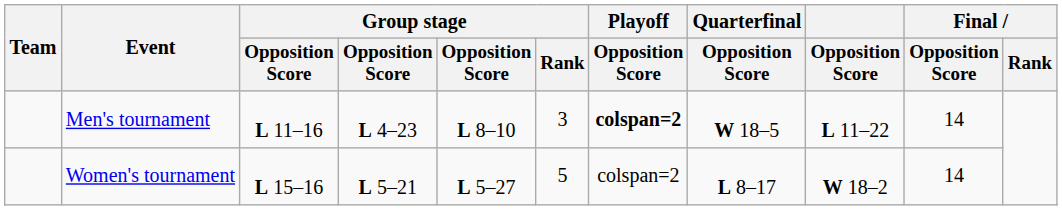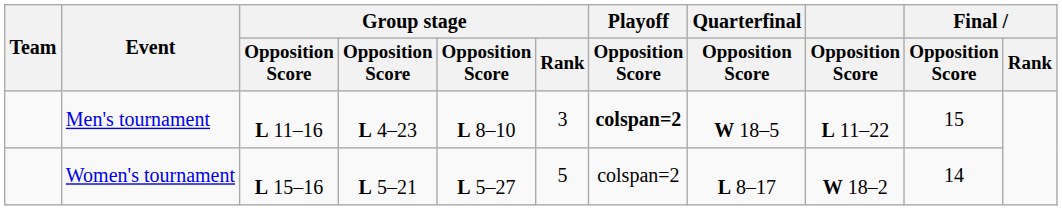 <table class="wikitable" style="text-align:center; font-size:90%;">
 <tr>
 <th rowspan=2>Team</th>
 <th rowspan=2>Event</th>
 <th colspan=4>Group stage</th>
 <th>Playoff</th>
 <th>Quarterfinal</th>
 <th></th>
 <th colspan=2>Final / </th>
 </tr>
 <tr style=font-size:95%>
 <th>Opposition<br>Score</th>
 <th>Opposition<br>Score</th>
 <th>Opposition<br>Score</th>
 <th>Rank</th>
 <th>Opposition<br>Score</th>
 <th>Opposition<br>Score</th>
 <th>Opposition<br>Score</th>
 <th>Opposition<br>Score</th>
 <th>Rank</th>
 </tr>
 <tr>
 <td align=left></td>
 <td align=left><a href='#'>Men's tournament</a></td>
 <td><br><strong>L</strong> 11–16</td>
 <td><br><strong>L</strong> 4–23</td>
 <td><br><strong>L</strong> 8–10</td>
 <td>3</td>
 <td><strong>colspan=2 </strong></td>
 <td><br><strong>W</strong> 18–5</td>
 <td><br><strong>L</strong> 11–22</td>
-<td>14</td>
+<td>15</td>
 </tr>
 <tr>
 <td align=left></td>
 <td align=left><a href='#'>Women's tournament</a></td>
 <td><br><strong>L</strong> 15–16</td>
 <td><br><strong>L</strong> 5–21</td>
 <td><br><strong>L</strong> 5–27</td>
 <td>5</td>
 <td>colspan=2 </td>
 <td><br><strong>L</strong> 8–17</td>
 <td><br><strong>W</strong> 18–2</td>
 <td>14</td>
 </tr>
 </table>
